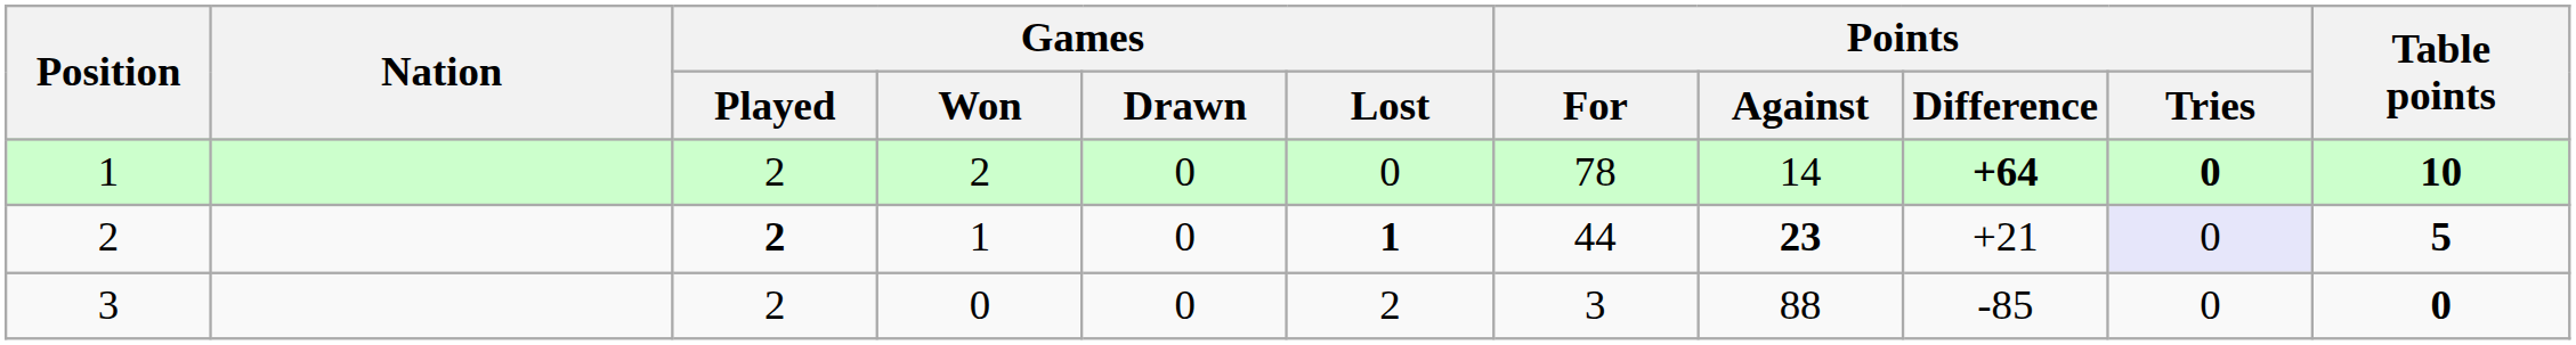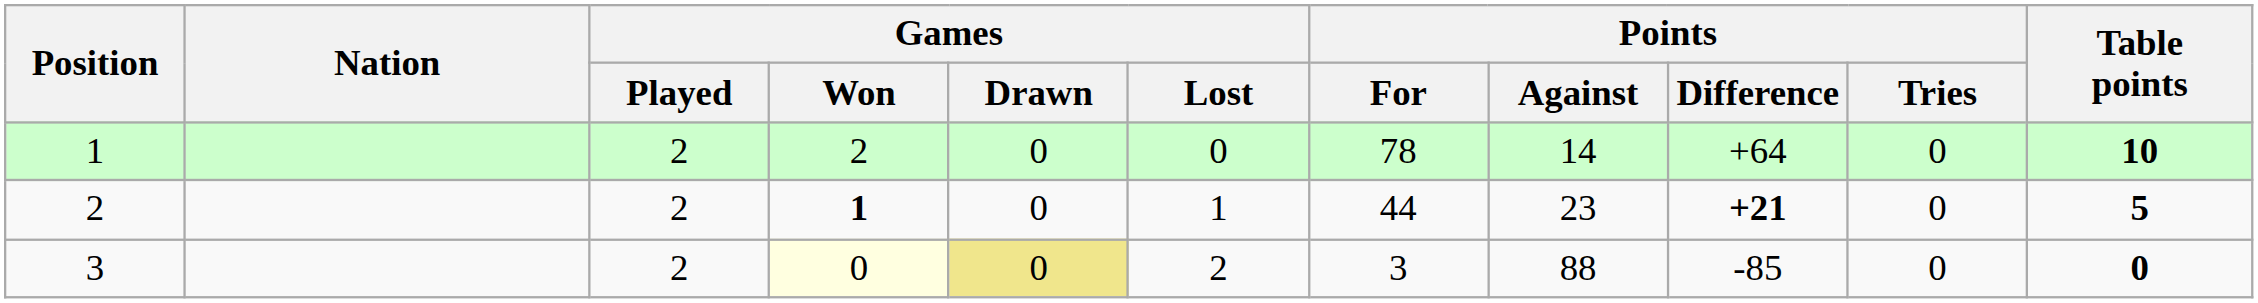 <table class="wikitable" style="text-align: center;">
 <tr>
 <th rowspan=2 width="8%">Position</th>
 <th rowspan=2 width="18%">Nation</th>
 <th colspan=4 width="32%">Games</th>
 <th colspan=4 width="32%">Points</th>
 <th rowspan=2 width="10%">Table<br>points</th>
 </tr>
 <tr>
 <th width="8%">Played</th>
 <th width="8%">Won</th>
 <th width="8%">Drawn</th>
 <th width="8%">Lost</th>
 <th width="8%">For</th>
 <th width="8%">Against</th>
 <th width="8%">Difference</th>
 <th width="8%">Tries</th>
 </tr>
 <tr bgcolor=#ccffcc>
 <td>1</td>
 <td align=left></td>
 <td>2</td>
 <td>2</td>
 <td>0</td>
 <td>0</td>
 <td>78</td>
 <td>14</td>
-<td><strong>+64</strong></td>
-<td><strong>0</strong></td>
+<td>+64</td>
+<td>0</td>
 <td><strong>10</strong></td>
 </tr>
 <tr>
 <td>2</td>
 <td align=left></td>
-<td><strong>2</strong></td>
+<td>2</td>
+<td><strong>1</strong></td>
+<td>0</td>
 <td>1</td>
+<td>44</td>
+<td>23</td>
+<td><strong>+21</strong></td>
 <td>0</td>
-<td><strong>1</strong></td>
-<td>44</td>
-<td><strong>23</strong></td>
-<td>+21</td>
-<td style="background: lavender;">0</td>
 <td><strong>5</strong></td>
 </tr>
 <tr>
 <td>3</td>
 <td align=left></td>
 <td>2</td>
-<td>0</td>
-<td>0</td>
+<td style="background: lightyellow;">0</td>
+<td style="background: khaki;">0</td>
 <td>2</td>
 <td>3</td>
 <td>88</td>
 <td>-85</td>
 <td>0</td>
 <td><strong>0</strong></td>
 </tr>
 </table>
